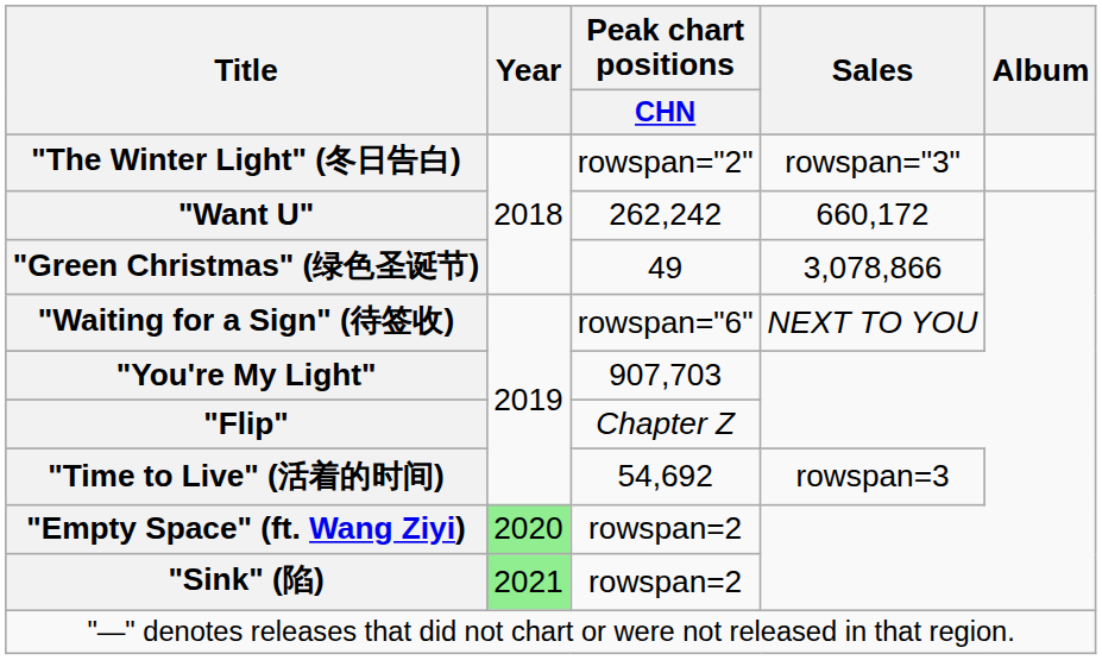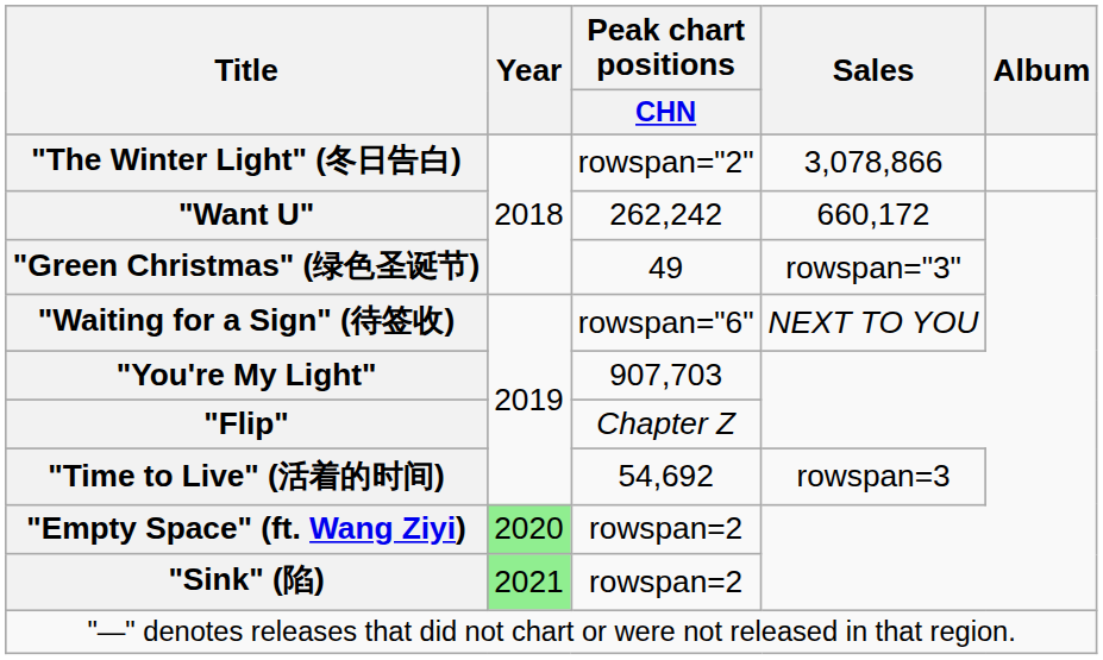 <table class="wikitable plainrowheaders" style="text-align:center;">
 <tr>
 <th scope="col" rowspan="2">Title</th>
 <th scope="col" rowspan="2">Year</th>
 <th scope="col">Peak chart <br> positions</th>
 <th scope="col" rowspan=2>Sales</th>
 <th scope="col" rowspan="2">Album</th>
 </tr>
 <tr>
 <th scope="col" style="width:3em;font-size:90%;"><a href='#'>CHN</a><br></th>
 </tr>
 <tr>
 <th scope="row">"The Winter Light" (冬日告白)</th>
 <td rowspan="3">2018</td>
 <td>rowspan="2"</td>
-<td>rowspan="3"</td>
+<td>3,078,866</td>
 <td></td>
 </tr>
 <tr>
 <th scope="row">"Want U"</th>
 <td>262,242</td>
 <td>660,172 </td>
 </tr>
 <tr>
 <th scope="row">"Green Christmas" (绿色圣诞节)</th>
 <td>49</td>
-<td>3,078,866</td>
+<td>rowspan="3"</td>
 </tr>
 <tr>
 <th scope="row">"Waiting for a Sign" (待签收)</th>
 <td rowspan="4">2019</td>
 <td>rowspan="6"  </td>
 <td><em>NEXT TO YOU</em></td>
 </tr>
 <tr>
 <th scope="row">"You're My Light"</th>
 <td>907,703</td>
 </tr>
 <tr>
 <th scope="row">"Flip"</th>
 <td><em>Chapter Z</em></td>
 </tr>
 <tr>
 <th scope="row">"Time to Live" (活着的时间)</th>
 <td>54,692 </td>
 <td>rowspan=3 </td>
 </tr>
 <tr>
 <th scope="row">"Empty Space" (ft. <a href='#'>Wang Ziyi</a>)</th>
 <td style="background: lightgreen;">2020</td>
 <td>rowspan=2 </td>
 </tr>
 <tr>
 <th scope="row">"Sink" (陷)</th>
 <td style="background: lightgreen;">2021</td>
 <td>rowspan=2 </td>
 </tr>
 <tr>
 <td colspan="5" style="font-size:90%">"—" denotes releases that did not chart or were not released in that region.</td>
 </tr>
 </table>
